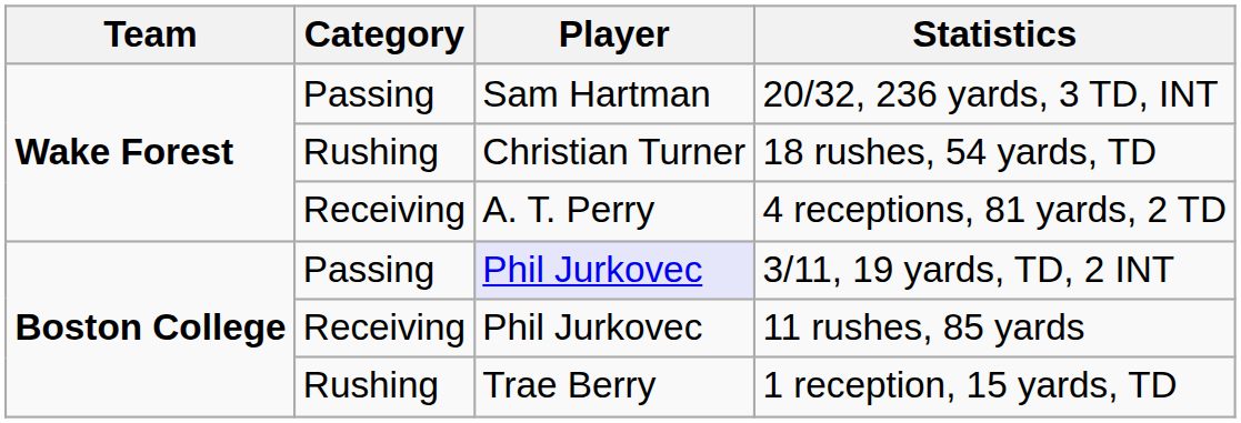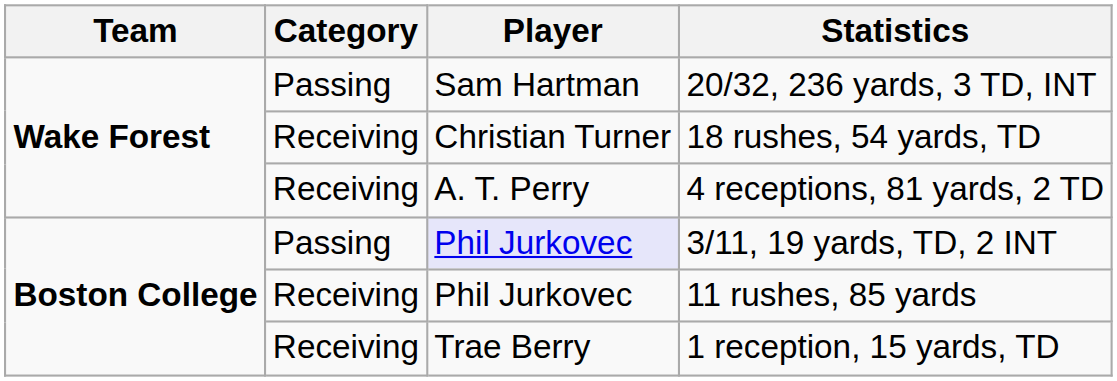 <table class="wikitable" style="float: right;">
 <tr>
 <th>Team</th>
 <th>Category</th>
 <th>Player</th>
 <th>Statistics</th>
 </tr>
 <tr>
 <td rowspan=3><strong>Wake Forest</strong></td>
 <td>Passing</td>
 <td>Sam Hartman</td>
 <td>20/32, 236 yards, 3 TD, INT</td>
 </tr>
 <tr>
-<td>Rushing</td>
+<td>Receiving</td>
 <td>Christian Turner</td>
 <td>18 rushes, 54 yards, TD</td>
 </tr>
 <tr>
 <td>Receiving</td>
 <td>A. T. Perry</td>
 <td>4 receptions, 81 yards, 2 TD</td>
 </tr>
 <tr>
 <td rowspan=3><strong>Boston College</strong></td>
 <td>Passing</td>
 <td style="background: lavender;"><a href='#'>Phil Jurkovec</a></td>
 <td>3/11, 19 yards, TD, 2 INT</td>
 </tr>
 <tr>
 <td>Receiving</td>
 <td>Phil Jurkovec</td>
 <td>11 rushes, 85 yards</td>
 </tr>
 <tr>
-<td>Rushing</td>
+<td>Receiving</td>
 <td>Trae Berry</td>
 <td>1 reception, 15 yards, TD</td>
 </tr>
 </table>
